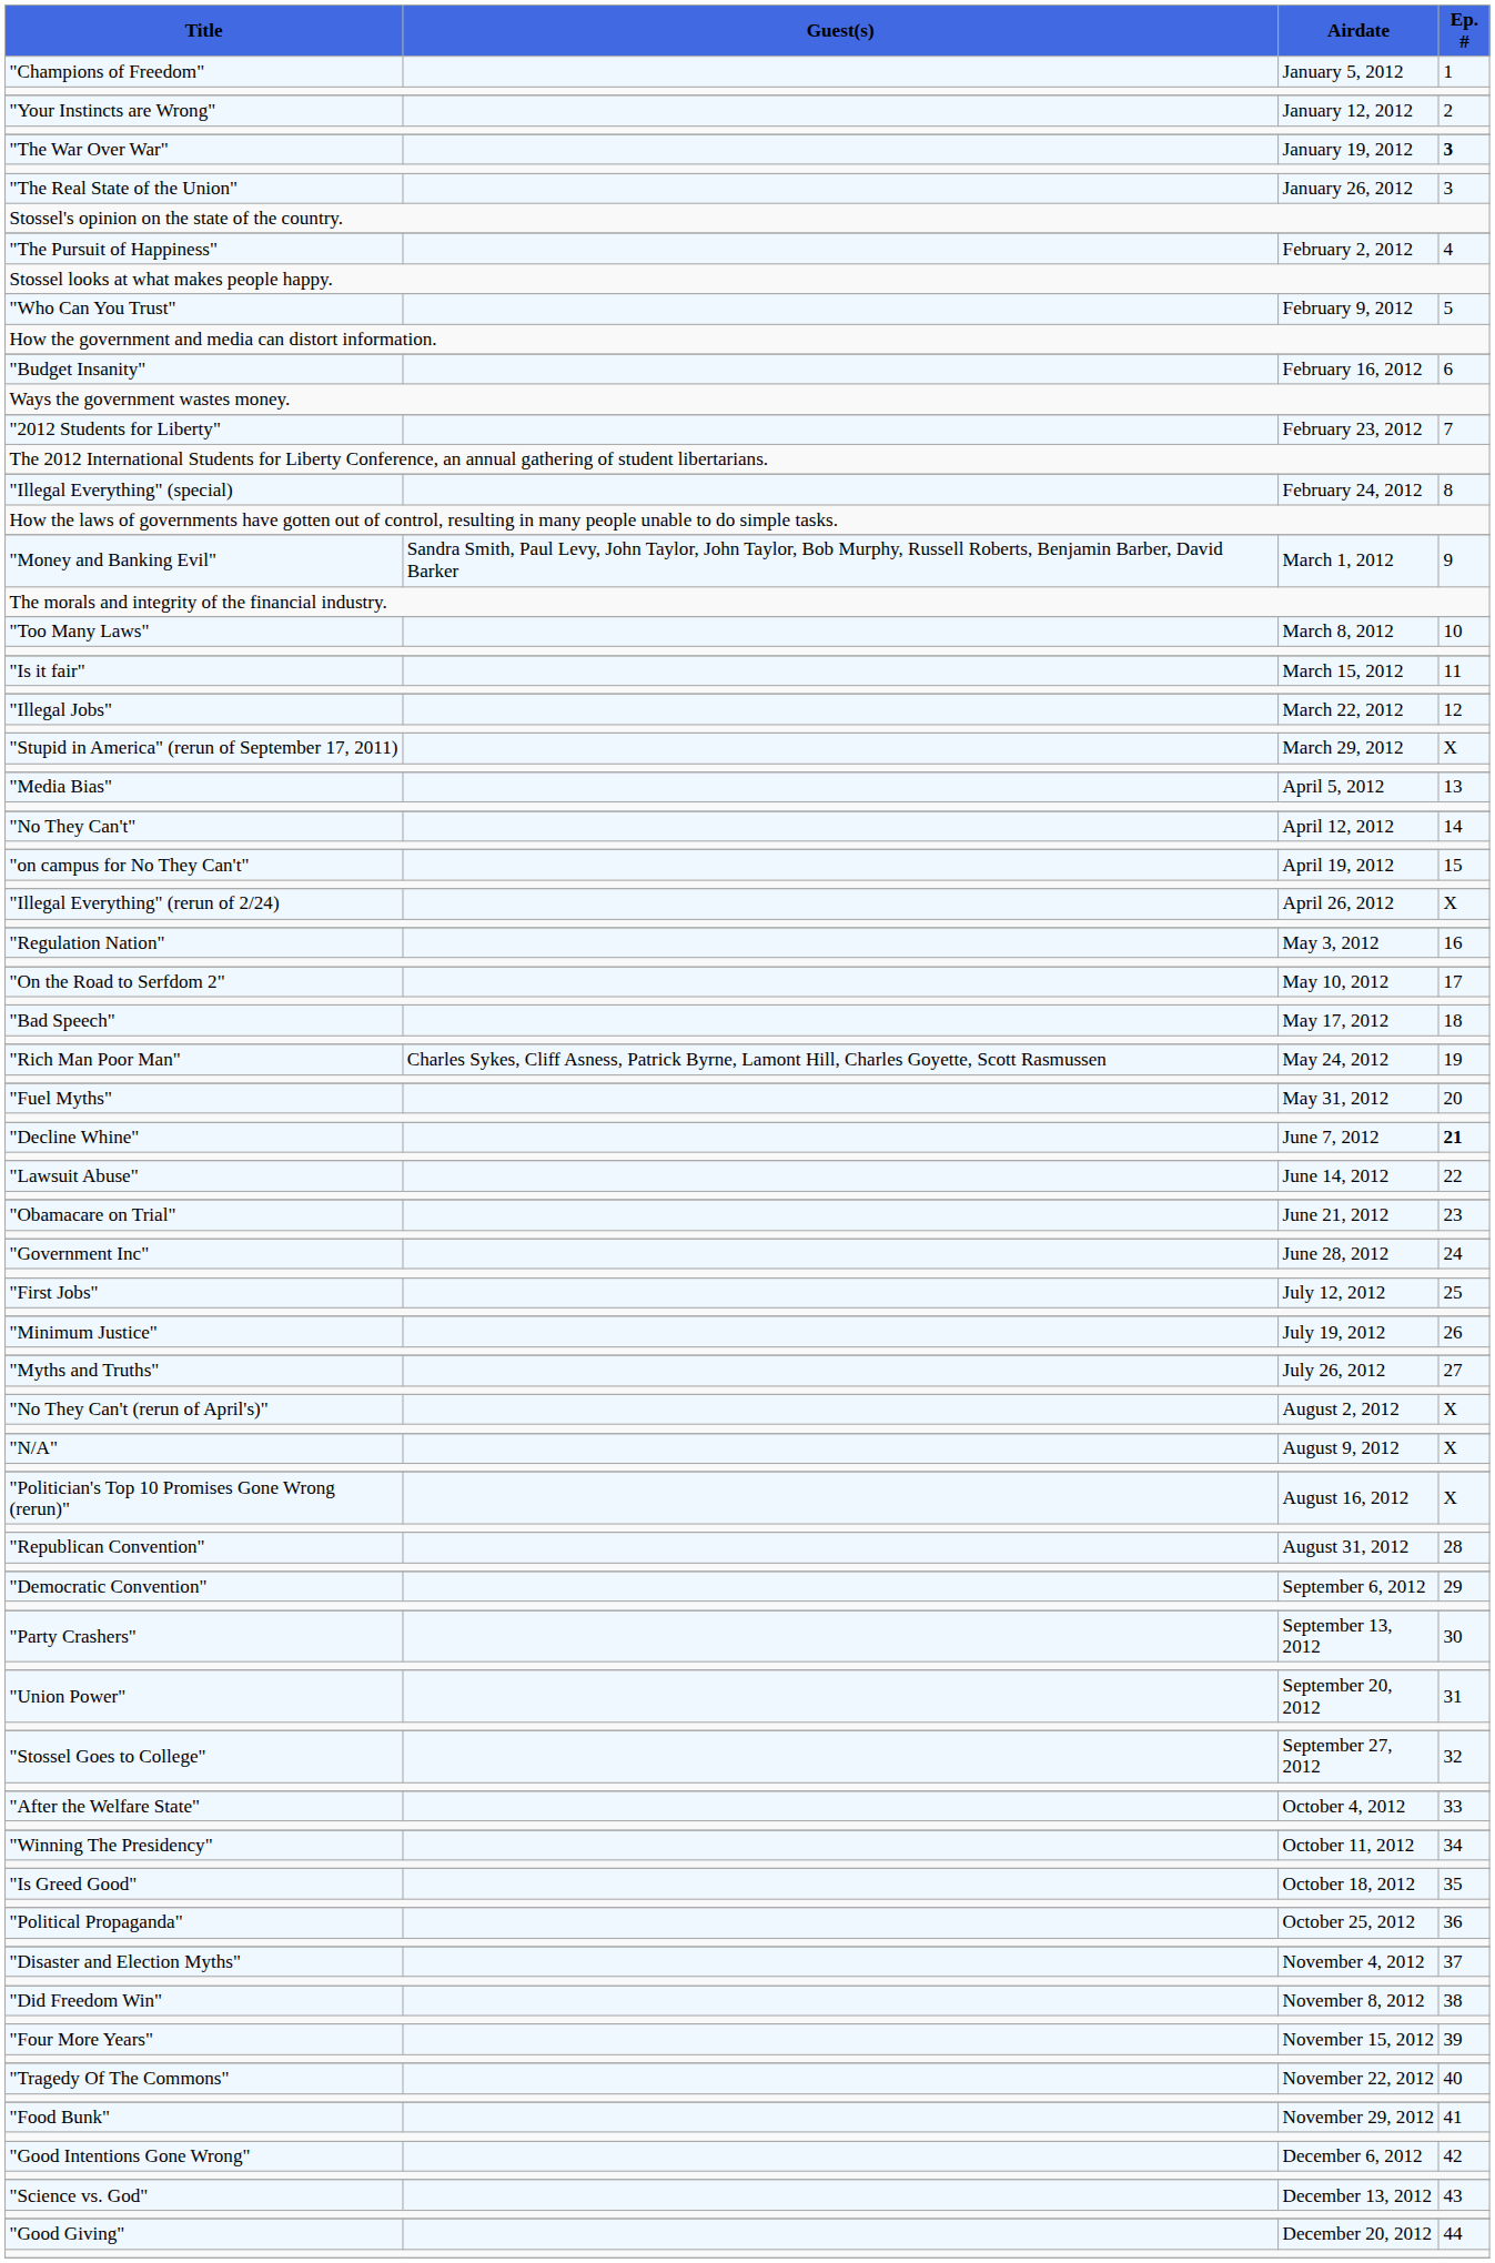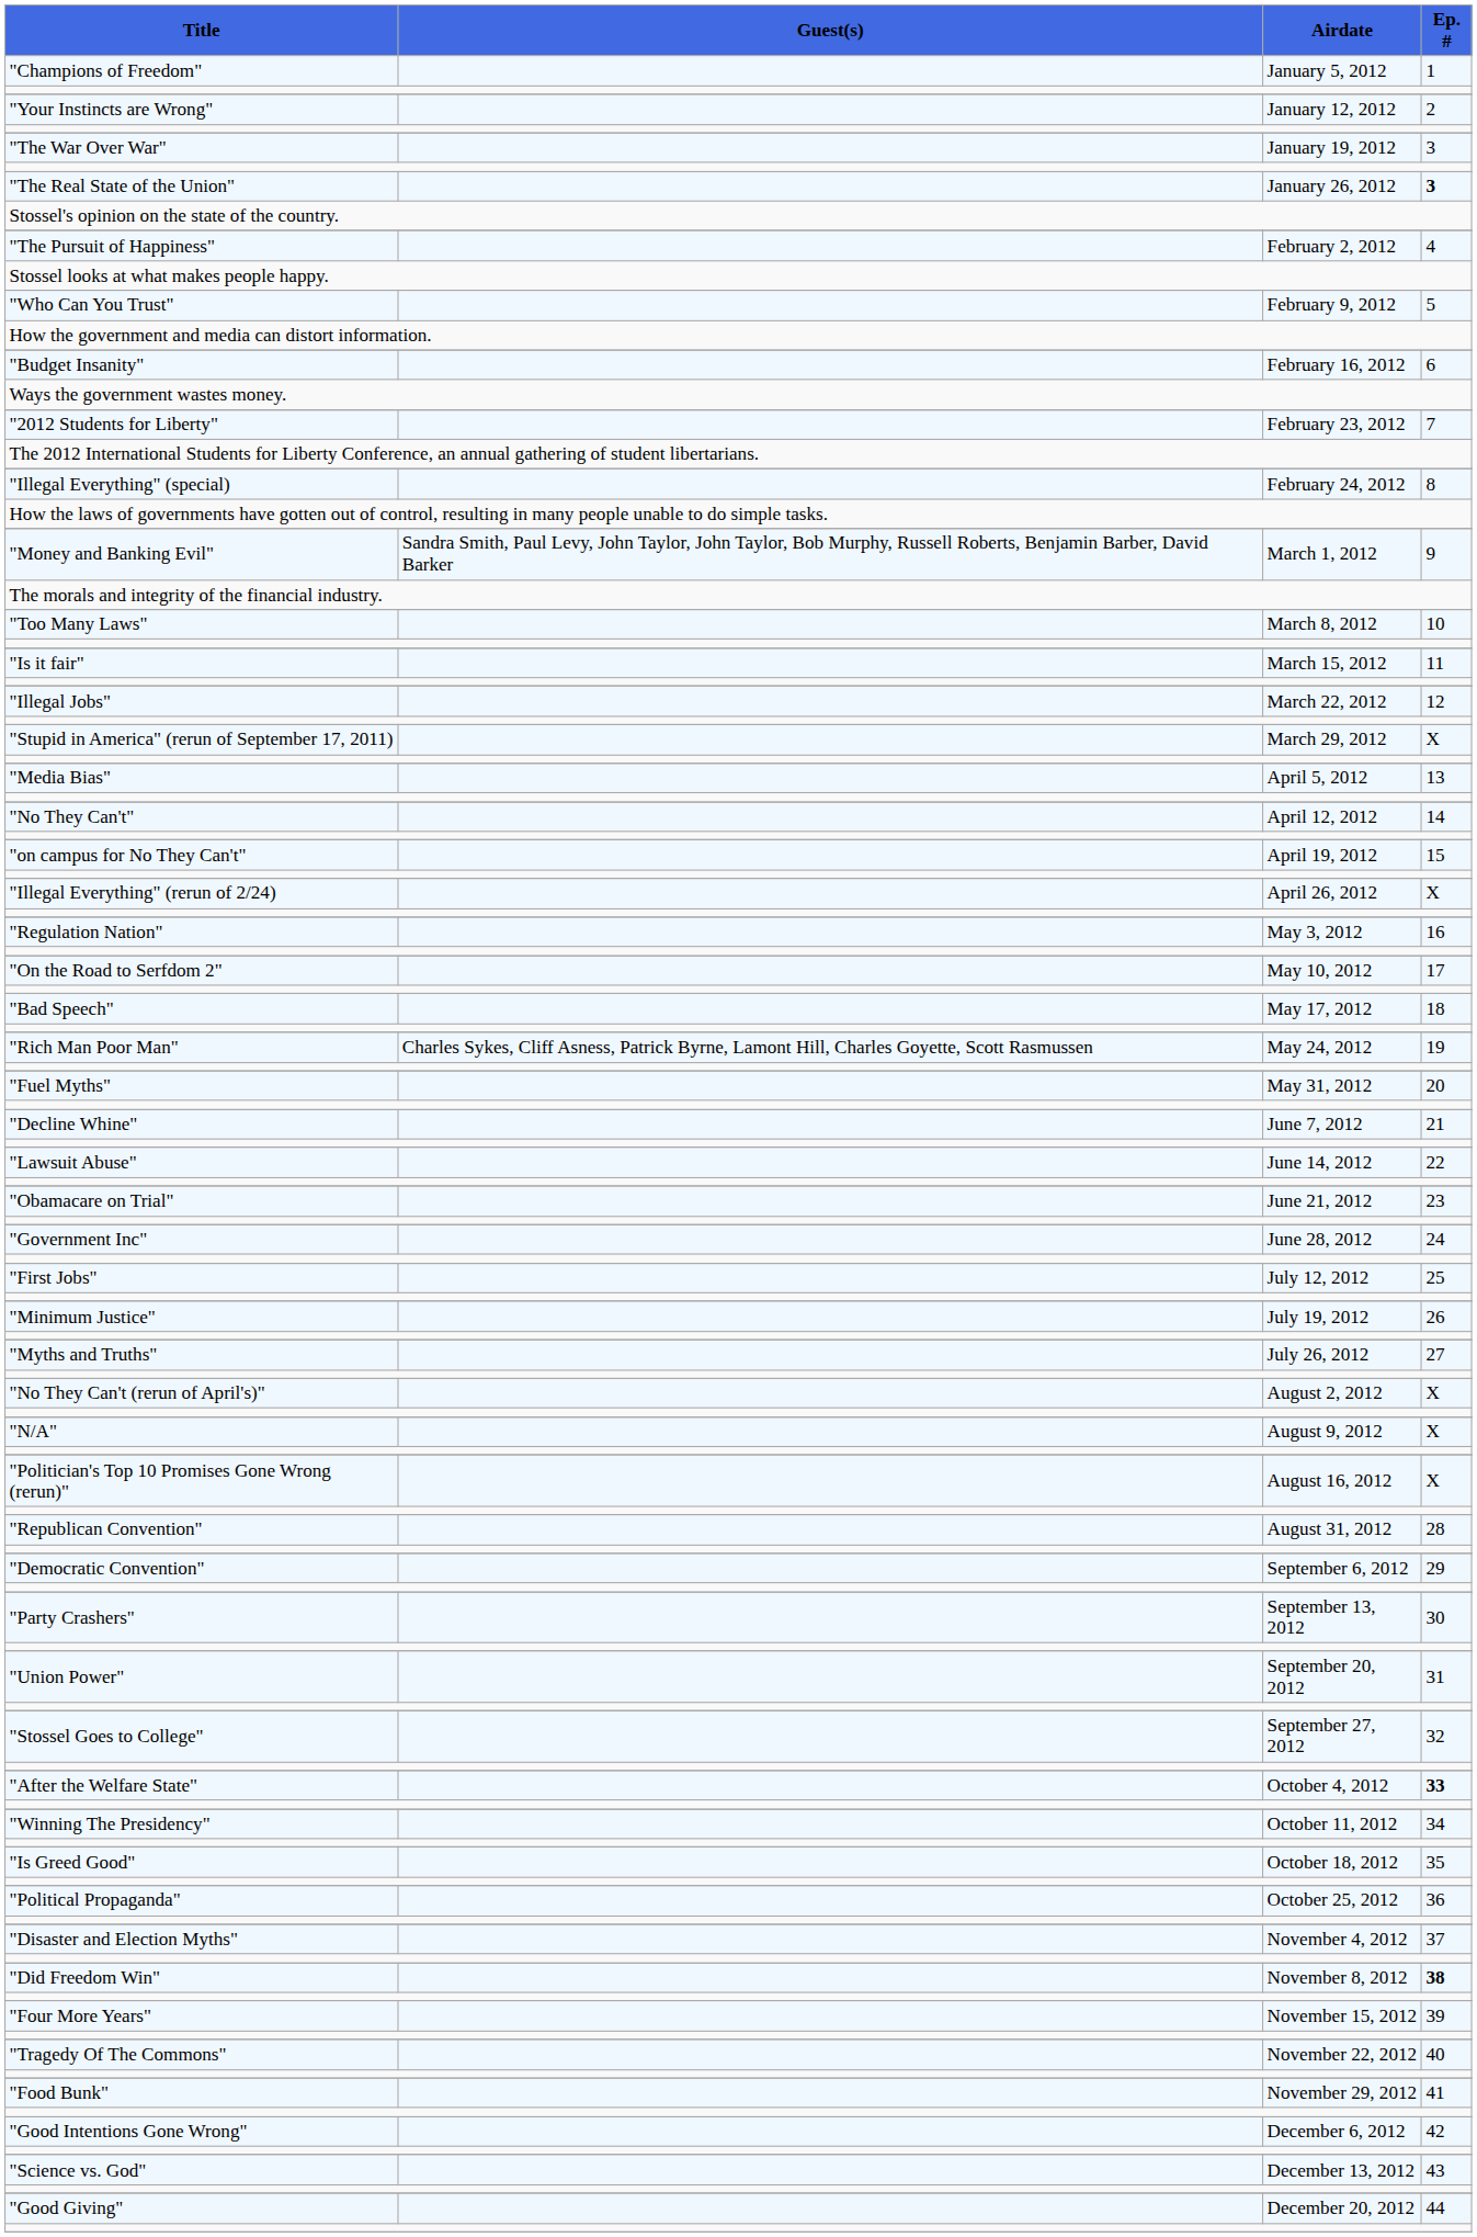 <table class="wikitable" width=99%>
 <tr style="background-color: #0e90b0">
 <th style="background-color: #4169E1"><span>Title</span></th>
 <th ! style="background-color: #4169E1"><span>Guest(s)</span></th>
 <th ! style="background-color: #4169E1"><span>Airdate</span></th>
 <th ! style="background-color: #4169E1"><span>Ep. #</span></th>
 </tr>
 <tr>
 </tr>
 <tr style="background-color: #F0F8FF;" |>
 <td>"Champions of Freedom"</td>
 <td></td>
 <td>January 5, 2012</td>
 <td>1</td>
 </tr>
 <tr>
 <td colspan="5"></td>
 </tr>
 <tr>
 </tr>
 <tr style="background-color: #F0F8FF;" |>
 <td>"Your Instincts are Wrong"</td>
 <td></td>
 <td>January 12, 2012</td>
 <td>2</td>
 </tr>
 <tr>
 <td colspan="5"></td>
 </tr>
 <tr>
 </tr>
 <tr style="background-color: #F0F8FF;" |>
 <td>"The War Over War"</td>
 <td></td>
 <td>January 19, 2012</td>
-<td><strong>3</strong></td>
+<td>3</td>
 </tr>
 <tr>
 <td colspan="5"></td>
 </tr>
 <tr>
 </tr>
 <tr style="background-color: #F0F8FF;" |>
 <td>"The Real State of the Union"</td>
 <td></td>
 <td>January 26, 2012</td>
-<td>3</td>
+<td><strong>3</strong></td>
 </tr>
 <tr>
 <td colspan="5">Stossel's opinion on the state of the country.</td>
 </tr>
 <tr>
 </tr>
 <tr style="background-color: #F0F8FF;" |>
 <td>"The Pursuit of Happiness"</td>
 <td></td>
 <td>February 2, 2012</td>
 <td>4</td>
 </tr>
 <tr>
 <td colspan="5">Stossel looks at what makes people happy.</td>
 </tr>
 <tr>
 </tr>
 <tr style="background-color: #F0F8FF;" |>
 <td>"Who Can You Trust"</td>
 <td></td>
 <td>February 9, 2012</td>
 <td>5</td>
 </tr>
 <tr>
 <td colspan="5">How the government and media can distort information.</td>
 </tr>
 <tr>
 </tr>
 <tr style="background-color: #F0F8FF;" |>
 <td>"Budget Insanity"</td>
 <td></td>
 <td>February 16, 2012</td>
 <td>6</td>
 </tr>
 <tr>
 <td colspan="5">Ways the government wastes money.</td>
 </tr>
 <tr>
 </tr>
 <tr style="background-color: #F0F8FF;" |>
 <td>"2012 Students for Liberty"</td>
 <td></td>
 <td>February 23, 2012</td>
 <td>7</td>
 </tr>
 <tr>
 <td colspan="5">The 2012 International Students for Liberty Conference, an annual gathering of student libertarians.</td>
 </tr>
 <tr>
 </tr>
 <tr style="background-color: #F0F8FF;" |>
 <td>"Illegal Everything" (special)</td>
 <td></td>
 <td>February 24, 2012</td>
 <td>8</td>
 </tr>
 <tr>
 <td colspan="5">How the laws of governments have gotten out of control, resulting in many people unable to do simple tasks.</td>
 </tr>
 <tr>
 </tr>
 <tr style="background-color: #F0F8FF;" |>
 <td>"Money and Banking Evil"</td>
 <td>Sandra Smith, Paul Levy, John Taylor, John Taylor, Bob Murphy, Russell Roberts, Benjamin Barber, David Barker</td>
 <td>March 1, 2012</td>
 <td>9</td>
 </tr>
 <tr>
 <td colspan="5">The morals and integrity of the financial industry.</td>
 </tr>
 <tr>
 </tr>
 <tr style="background-color: #F0F8FF;" |>
 <td>"Too Many Laws"</td>
 <td></td>
 <td>March 8, 2012</td>
 <td>10</td>
 </tr>
 <tr>
 <td colspan="5"></td>
 </tr>
 <tr>
 </tr>
 <tr style="background-color: #F0F8FF;" |>
 <td>"Is it fair"</td>
 <td></td>
 <td>March 15, 2012</td>
 <td>11</td>
 </tr>
 <tr>
 <td colspan="5"></td>
 </tr>
 <tr>
 </tr>
 <tr style="background-color: #F0F8FF;" |>
 <td>"Illegal Jobs"</td>
 <td></td>
 <td>March 22, 2012</td>
 <td>12</td>
 </tr>
 <tr>
 <td colspan="5"></td>
 </tr>
 <tr>
 </tr>
 <tr style="background-color: #F0F8FF;" |>
 <td>"Stupid in America" (rerun of September 17, 2011)</td>
 <td></td>
 <td>March 29, 2012</td>
 <td>X</td>
 </tr>
 <tr>
 <td colspan="5"></td>
 </tr>
 <tr>
 </tr>
 <tr style="background-color: #F0F8FF;" |>
 <td>"Media Bias"</td>
 <td></td>
 <td>April 5, 2012</td>
 <td>13</td>
 </tr>
 <tr>
 <td colspan="5"></td>
 </tr>
 <tr>
 </tr>
 <tr style="background-color: #F0F8FF;" |>
 <td>"No They Can't"</td>
 <td></td>
 <td>April 12, 2012</td>
 <td>14</td>
 </tr>
 <tr>
 <td colspan="5"></td>
 </tr>
 <tr>
 </tr>
 <tr style="background-color: #F0F8FF;" |>
 <td>"on campus for No They Can't"</td>
 <td></td>
 <td>April 19, 2012</td>
 <td>15</td>
 </tr>
 <tr>
 <td colspan="5"></td>
 </tr>
 <tr>
 </tr>
 <tr style="background-color: #F0F8FF;" |>
 <td>"Illegal Everything" (rerun of 2/24)</td>
 <td></td>
 <td>April 26, 2012</td>
 <td>X</td>
 </tr>
 <tr>
 <td colspan="5"></td>
 </tr>
 <tr>
 </tr>
 <tr style="background-color: #F0F8FF;" |>
 <td>"Regulation Nation"</td>
 <td></td>
 <td>May 3, 2012</td>
 <td>16</td>
 </tr>
 <tr>
 <td colspan="5"></td>
 </tr>
 <tr>
 </tr>
 <tr style="background-color: #F0F8FF;" |>
 <td>"On the Road to Serfdom 2"</td>
 <td></td>
 <td>May 10, 2012</td>
 <td>17</td>
 </tr>
 <tr>
 <td colspan="5"></td>
 </tr>
 <tr>
 </tr>
 <tr style="background-color: #F0F8FF;" |>
 <td>"Bad Speech"</td>
 <td></td>
 <td>May 17, 2012</td>
 <td>18</td>
 </tr>
 <tr>
 <td colspan="5"></td>
 </tr>
 <tr>
 </tr>
 <tr style="background-color: #F0F8FF;" |>
 <td>"Rich Man Poor Man"</td>
 <td>Charles Sykes, Cliff Asness, Patrick Byrne, Lamont Hill, Charles Goyette, Scott Rasmussen</td>
 <td>May 24, 2012</td>
 <td>19</td>
 </tr>
 <tr>
 <td colspan="5"></td>
 </tr>
 <tr>
 </tr>
 <tr style="background-color: #F0F8FF;" |>
 <td>"Fuel Myths"</td>
 <td></td>
 <td>May 31, 2012</td>
 <td>20</td>
 </tr>
 <tr>
 <td colspan="5"></td>
 </tr>
 <tr>
 </tr>
 <tr style="background-color: #F0F8FF;" |>
 <td>"Decline Whine"</td>
 <td></td>
 <td>June 7, 2012</td>
-<td><strong>21</strong></td>
+<td>21</td>
 </tr>
 <tr>
 <td colspan="5"></td>
 </tr>
 <tr>
 </tr>
 <tr style="background-color: #F0F8FF;" |>
 <td>"Lawsuit Abuse"</td>
 <td></td>
 <td>June 14, 2012</td>
 <td>22</td>
 </tr>
 <tr>
 <td colspan="5"></td>
 </tr>
 <tr>
 </tr>
 <tr style="background-color: #F0F8FF;" |>
 <td>"Obamacare on Trial"</td>
 <td></td>
 <td>June 21, 2012</td>
 <td>23</td>
 </tr>
 <tr>
 <td colspan="5"></td>
 </tr>
 <tr>
 </tr>
 <tr style="background-color: #F0F8FF;" |>
 <td>"Government Inc"</td>
 <td></td>
 <td>June 28, 2012</td>
 <td>24</td>
 </tr>
 <tr>
 <td colspan="5"></td>
 </tr>
 <tr>
 </tr>
 <tr style="background-color: #F0F8FF;" |>
 <td>"First Jobs"</td>
 <td></td>
 <td>July 12, 2012</td>
 <td>25</td>
 </tr>
 <tr>
 <td colspan="5"></td>
 </tr>
 <tr>
 </tr>
 <tr style="background-color: #F0F8FF;" |>
 <td>"Minimum Justice"</td>
 <td></td>
 <td>July 19, 2012</td>
 <td>26</td>
 </tr>
 <tr>
 <td colspan="5"></td>
 </tr>
 <tr>
 </tr>
 <tr style="background-color: #F0F8FF;" |>
 <td>"Myths and Truths"</td>
 <td></td>
 <td>July 26, 2012</td>
 <td>27</td>
 </tr>
 <tr>
 <td colspan="5"></td>
 </tr>
 <tr>
 </tr>
 <tr style="background-color: #F0F8FF;" |>
 <td>"No They Can't (rerun of April's)"</td>
 <td></td>
 <td>August 2, 2012</td>
 <td>X</td>
 </tr>
 <tr>
 <td colspan="5"></td>
 </tr>
 <tr>
 </tr>
 <tr style="background-color: #F0F8FF;" |>
 <td>"N/A"</td>
 <td></td>
 <td>August 9, 2012</td>
 <td>X</td>
 </tr>
 <tr>
 <td colspan="5"></td>
 </tr>
 <tr>
 </tr>
 <tr style="background-color: #F0F8FF;" |>
 <td>"Politician's Top 10 Promises Gone Wrong (rerun)"</td>
 <td></td>
 <td>August 16, 2012</td>
 <td>X</td>
 </tr>
 <tr>
 <td colspan="5"></td>
 </tr>
 <tr>
 </tr>
 <tr style="background-color: #F0F8FF;" |>
 <td>"Republican Convention"</td>
 <td></td>
 <td>August 31, 2012</td>
 <td>28</td>
 </tr>
 <tr>
 <td colspan="5"></td>
 </tr>
 <tr>
 </tr>
 <tr style="background-color: #F0F8FF;" |>
 <td>"Democratic Convention"</td>
 <td></td>
 <td>September 6, 2012</td>
 <td>29</td>
 </tr>
 <tr>
 <td colspan="5"></td>
 </tr>
 <tr>
 </tr>
 <tr style="background-color: #F0F8FF;" |>
 <td>"Party Crashers"</td>
 <td></td>
 <td>September 13, 2012</td>
 <td>30</td>
 </tr>
 <tr>
 <td colspan="5"></td>
 </tr>
 <tr>
 </tr>
 <tr style="background-color: #F0F8FF;" |>
 <td>"Union Power"</td>
 <td></td>
 <td>September 20, 2012</td>
 <td>31</td>
 </tr>
 <tr>
 <td colspan="5"></td>
 </tr>
 <tr>
 </tr>
 <tr style="background-color: #F0F8FF;" |>
 <td>"Stossel Goes to College"</td>
 <td></td>
 <td>September 27, 2012</td>
 <td>32</td>
 </tr>
 <tr>
 <td colspan="5"></td>
 </tr>
 <tr>
 </tr>
 <tr style="background-color: #F0F8FF;" |>
 <td>"After the Welfare State"</td>
 <td></td>
 <td>October 4, 2012</td>
-<td>33</td>
+<td><strong>33</strong></td>
 </tr>
 <tr>
 <td colspan="5"></td>
 </tr>
 <tr>
 </tr>
 <tr style="background-color: #F0F8FF;" |>
 <td>"Winning The Presidency"</td>
 <td></td>
 <td>October 11, 2012</td>
 <td>34</td>
 </tr>
 <tr>
 <td colspan="5"></td>
 </tr>
 <tr>
 </tr>
 <tr style="background-color: #F0F8FF;" |>
 <td>"Is Greed Good"</td>
 <td></td>
 <td>October 18, 2012</td>
 <td>35</td>
 </tr>
 <tr>
 <td colspan="5"></td>
 </tr>
 <tr>
 </tr>
 <tr style="background-color: #F0F8FF;" |>
 <td>"Political Propaganda"</td>
 <td></td>
 <td>October 25, 2012</td>
 <td>36</td>
 </tr>
 <tr>
 <td colspan="5"></td>
 </tr>
 <tr>
 </tr>
 <tr style="background-color: #F0F8FF;" |>
 <td>"Disaster and Election Myths"</td>
 <td></td>
 <td>November 4, 2012</td>
 <td>37</td>
 </tr>
 <tr>
 <td colspan="5"></td>
 </tr>
 <tr>
 </tr>
 <tr style="background-color: #F0F8FF;" |>
 <td>"Did Freedom Win"</td>
 <td></td>
 <td>November 8, 2012</td>
-<td>38</td>
+<td><strong>38</strong></td>
 </tr>
 <tr>
 <td colspan="5"></td>
 </tr>
 <tr>
 </tr>
 <tr style="background-color: #F0F8FF;" |>
 <td>"Four More Years"</td>
 <td></td>
 <td>November 15, 2012</td>
 <td>39</td>
 </tr>
 <tr>
 <td colspan="5"></td>
 </tr>
 <tr>
 </tr>
 <tr style="background-color: #F0F8FF;" |>
 <td>"Tragedy Of The Commons"</td>
 <td></td>
 <td>November 22, 2012</td>
 <td>40</td>
 </tr>
 <tr>
 <td colspan="5"></td>
 </tr>
 <tr>
 </tr>
 <tr style="background-color: #F0F8FF;" |>
 <td>"Food Bunk"</td>
 <td></td>
 <td>November 29, 2012</td>
 <td>41</td>
 </tr>
 <tr>
 <td colspan="5"></td>
 </tr>
 <tr>
 </tr>
 <tr style="background-color: #F0F8FF;" |>
 <td>"Good Intentions Gone Wrong"</td>
 <td></td>
 <td>December 6, 2012</td>
 <td>42</td>
 </tr>
 <tr>
 <td colspan="5"></td>
 </tr>
 <tr>
 </tr>
 <tr style="background-color: #F0F8FF;" |>
 <td>"Science vs. God"</td>
 <td></td>
 <td>December 13, 2012</td>
 <td>43</td>
 </tr>
 <tr>
 <td colspan="5"></td>
 </tr>
 <tr>
 </tr>
 <tr style="background-color: #F0F8FF;" |>
 <td>"Good Giving"</td>
 <td></td>
 <td>December 20, 2012</td>
 <td>44</td>
 </tr>
 <tr>
 <td colspan="5"></td>
 </tr>
 <tr>
 </tr>
 </table>
